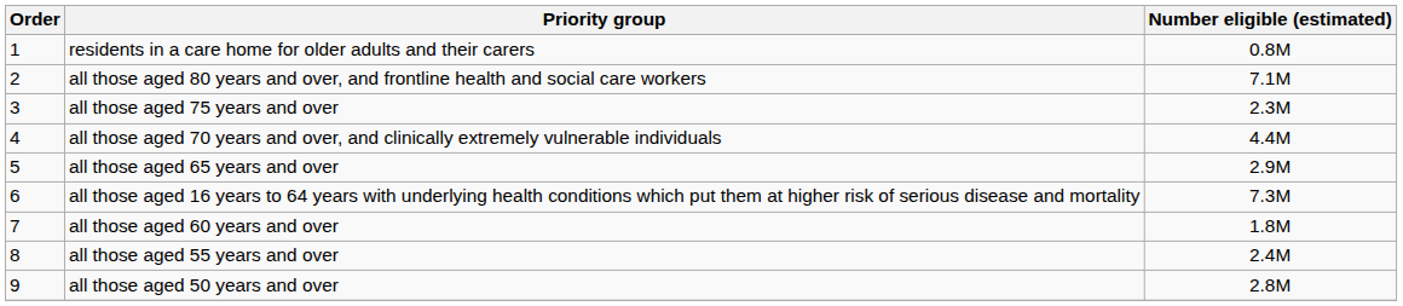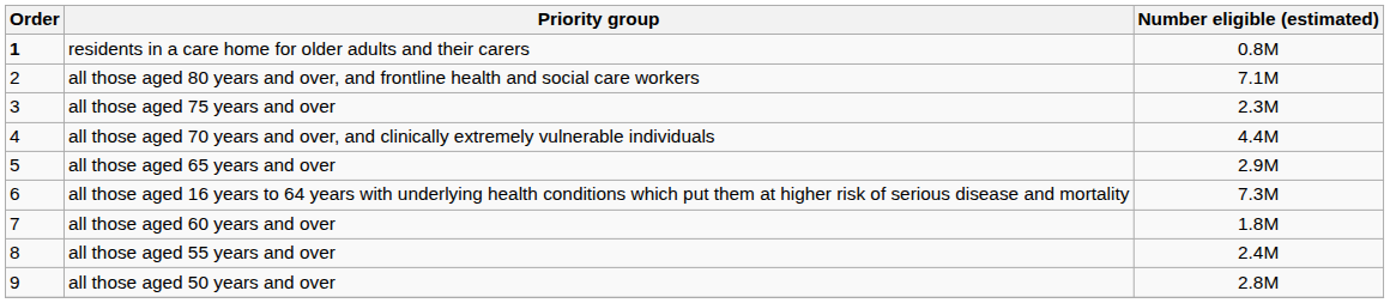 <table class="wikitable">
 <tr>
 <th>Order</th>
 <th>Priority group</th>
 <th>Number eligible (estimated)</th>
 </tr>
 <tr>
-<td>1</td>
+<td><strong>1</strong></td>
 <td>residents in a care home for older adults and their carers</td>
 <td style="text-align:center">0.8M</td>
 </tr>
 <tr>
 <td>2</td>
 <td>all those aged 80 years and over, and frontline health and social care workers</td>
 <td style="text-align:center">7.1M</td>
 </tr>
 <tr>
 <td>3</td>
 <td>all those aged 75 years and over</td>
 <td style="text-align:center">2.3M</td>
 </tr>
 <tr>
 <td>4</td>
 <td>all those aged 70 years and over, and clinically extremely vulnerable individuals</td>
 <td style="text-align:center">4.4M</td>
 </tr>
 <tr>
 <td>5</td>
 <td>all those aged 65 years and over</td>
 <td style="text-align:center">2.9M</td>
 </tr>
 <tr>
 <td>6</td>
 <td>all those aged 16 years to 64 years with underlying health conditions which put them at higher risk of serious disease and mortality</td>
 <td style="text-align:center">7.3M</td>
 </tr>
 <tr>
 <td>7</td>
 <td>all those aged 60 years and over</td>
 <td style="text-align:center">1.8M</td>
 </tr>
 <tr>
 <td>8</td>
 <td>all those aged 55 years and over</td>
 <td style="text-align:center">2.4M</td>
 </tr>
 <tr>
 <td>9</td>
 <td>all those aged 50 years and over</td>
 <td style="text-align:center">2.8M</td>
 </tr>
 <tr>
 </tr>
 </table>
